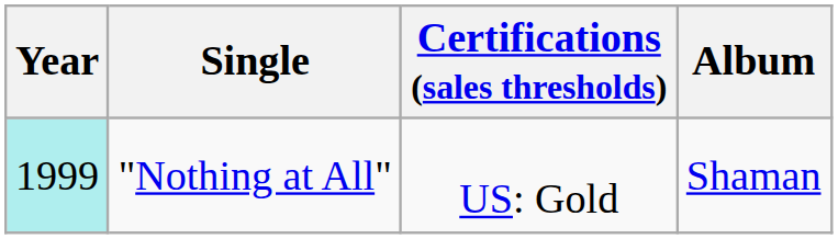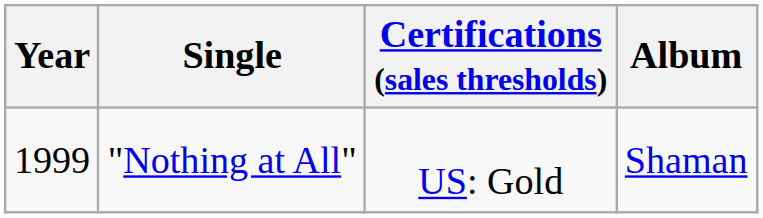 <table class="wikitable">
 <tr>
 <th>Year</th>
 <th>Single</th>
 <th><a href='#'>Certifications</a><br><small>(<a href='#'>sales thresholds</a>)</small></th>
 <th>Album</th>
 </tr>
 <tr style="text-align:center;">
-<td style="background: paleturquoise;">1999</td>
+<td>1999</td>
 <td align="left">"<a href='#'>Nothing at All</a>"</td>
 <td><br><a href='#'>US</a>: Gold </td>
 <td><a href='#'>Shaman</a></td>
 </tr>
 </table>
